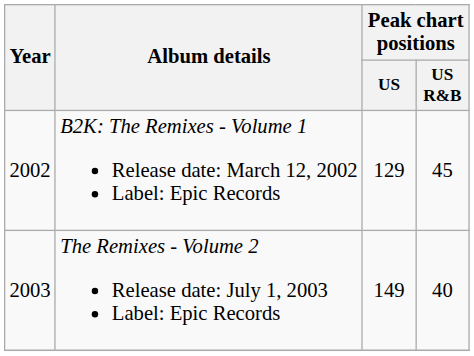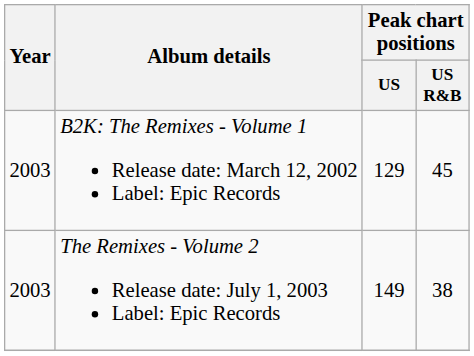 <table class="wikitable" style="text-align:center;">
 <tr>
 <th rowspan="2">Year</th>
 <th rowspan="2">Album details</th>
 <th colspan="2">Peak chart<br>positions</th>
 </tr>
 <tr style="font-size:smaller;">
 <th width="35">US<br></th>
 <th width="35">US R&B<br></th>
 </tr>
 <tr>
-<td>2002</td>
+<td>2003</td>
 <td align="left"><em>B2K: The Remixes - Volume 1</em><br><ul><li>Release date: March 12, 2002</li><li>Label: Epic Records</li></ul></td>
 <td>129</td>
 <td>45</td>
 </tr>
 <tr>
 <td>2003</td>
 <td align="left"><em>The Remixes - Volume 2</em><br><ul><li>Release date: July 1, 2003</li><li>Label: Epic Records</li></ul></td>
 <td>149</td>
-<td>40</td>
+<td>38</td>
 </tr>
 <tr>
 </tr>
 </table>
